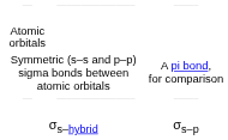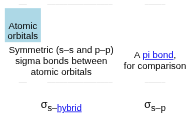 <table align="right" width=278px style="text-align:center; margin:0 0 1ex 1em">
 <tr style="font-size:6px; color:silver">
 <td>——</td>
 <td>————————————————</td>
 <td>—————</td>
 </tr>
 <tr>
-<td valign=top style="font-size:87%"><br> Atomic<br>orbitals</td>
+<td valign=top style="background: lightblue; font-size:87%"><br> Atomic<br>orbitals</td>
 <td colspan=2></td>
 </tr>
 <tr>
 <td colspan=2 style="font-size:87%" width=144px>Symmetric (s–s and p–p)<br>sigma bonds between atomic orbitals</td>
 <td style="font-size:87%">A <a href='#'>pi bond</a>,<br>for comparison</td>
 </tr>
 <tr style="font-size:6px; color:silver">
 <td>——</td>
 <td>————————————————</td>
 <td>—————</td>
 </tr>
 <tr>
 <td colspan=2> <br>σ<sub>s–<a href='#'>hybrid</a></sub></td>
 <td> <br>σ<sub>s–p</sub></td>
 </tr>
 </table>
